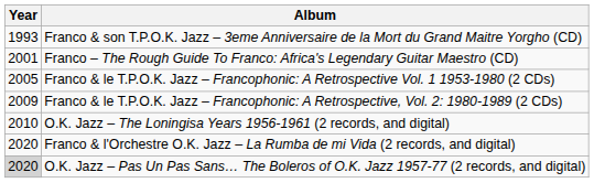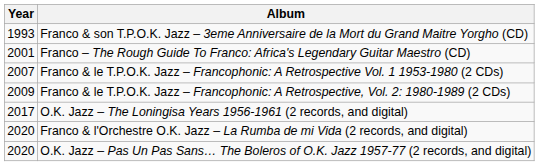 <table class="wikitable">
 <tr>
 <th>Year</th>
 <th>Album</th>
 </tr>
 <tr>
 <td>1993</td>
 <td>Franco & son T.P.O.K. Jazz – <em>3eme Anniversaire de la Mort du Grand Maitre Yorgho</em> (CD)</td>
 </tr>
 <tr>
 <td>2001</td>
 <td>Franco – <em>The Rough Guide To Franco: Africa's Legendary Guitar Maestro</em> (CD)</td>
 </tr>
 <tr>
-<td>2005</td>
+<td>2007</td>
 <td>Franco & le T.P.O.K. Jazz – <em>Francophonic: A Retrospective Vol. 1 1953-1980</em> (2 CDs)</td>
 </tr>
 <tr>
 <td>2009</td>
 <td>Franco & le T.P.O.K. Jazz – <em>Francophonic: A Retrospective, Vol. 2: 1980-1989</em> (2 CDs)</td>
 </tr>
 <tr>
-<td>2010</td>
+<td>2017</td>
 <td>O.K. Jazz – <em>The Loningisa Years 1956-1961</em> (2 records, and digital)</td>
 </tr>
 <tr>
 <td>2020</td>
 <td>Franco & l'Orchestre O.K. Jazz – <em>La Rumba de mi Vida</em> (2 records, and digital)</td>
 </tr>
 <tr>
-<td style="background: lightgrey;">2020</td>
+<td>2020</td>
 <td>O.K. Jazz – <em>Pas Un Pas Sans… The Boleros of O.K. Jazz 1957-77</em> (2 records, and digital)</td>
 </tr>
 </table>
